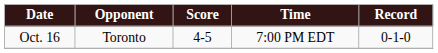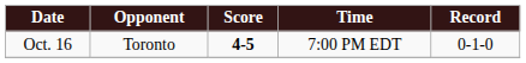 <table class="wikitable" width="80%">
 <tr align="center"  style=" background:#321414;color:#FFFFFF;">
 <td><strong>Date</strong></td>
 <td><strong>Opponent</strong></td>
 <td><strong>Score</strong></td>
 <td><strong>Time</strong></td>
 <td><strong>Record</strong></td>
 </tr>
 <tr align="center" bgcolor="">
 <td>Oct. 16</td>
 <td>Toronto</td>
-<td>4-5</td>
+<td><strong>4-5</strong></td>
 <td>7:00 PM EDT</td>
 <td>0-1-0</td>
 </tr>
 <tr align="center" bgcolor="">
 </tr>
 </table>
